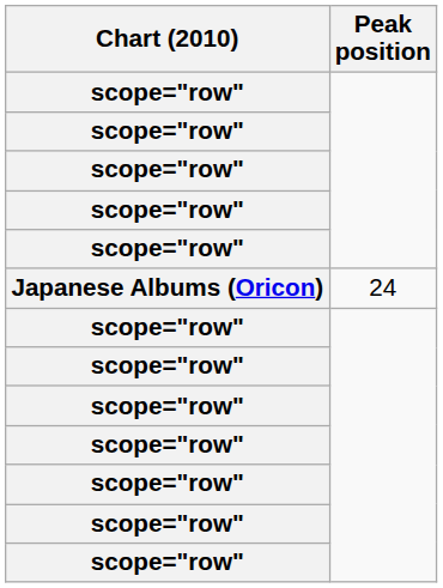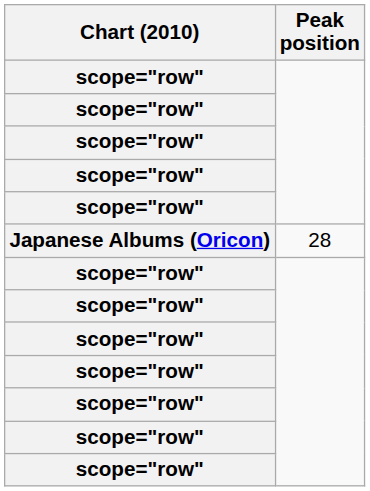 <table class="wikitable sortable plainrowheaders">
 <tr>
 <th scope="col">Chart (2010)</th>
 <th scope="col">Peak<br>position</th>
 </tr>
 <tr>
 <th>scope="row" </th>
 </tr>
 <tr>
 <th>scope="row" </th>
 </tr>
 <tr>
 <th>scope="row" </th>
 </tr>
 <tr>
 <th>scope="row" </th>
 </tr>
 <tr>
 <th>scope="row" </th>
 </tr>
 <tr>
 <th scope="row">Japanese Albums (<a href='#'>Oricon</a>)</th>
-<td align="center">24</td>
+<td align="center">28</td>
 </tr>
 <tr>
 <th>scope="row" </th>
 </tr>
 <tr>
 <th>scope="row" </th>
 </tr>
 <tr>
 <th>scope="row" </th>
 </tr>
 <tr>
 <th>scope="row" </th>
 </tr>
 <tr>
 <th>scope="row" </th>
 </tr>
 <tr>
 <th>scope="row" </th>
 </tr>
 <tr>
 <th>scope="row" </th>
 </tr>
 </table>
